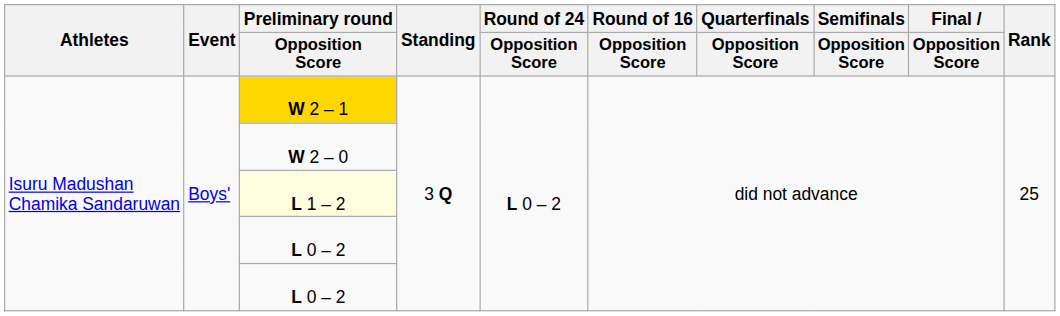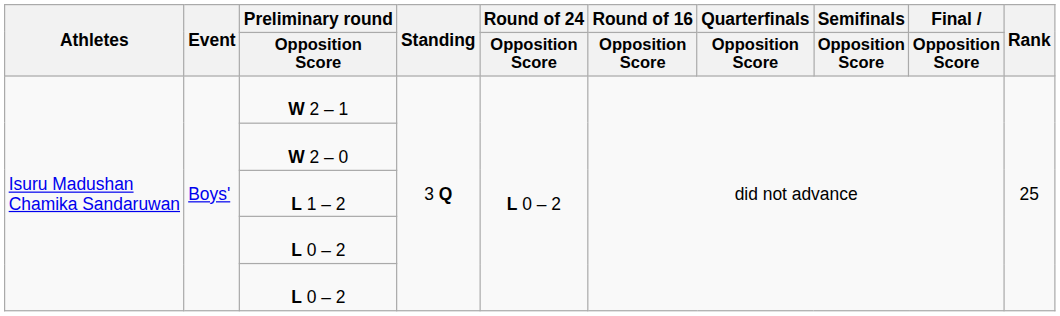 <table class=wikitable style="font-size:90%">
 <tr>
 <th rowspan="2">Athletes</th>
 <th rowspan="2">Event</th>
 <th>Preliminary round</th>
 <th rowspan="2">Standing</th>
 <th>Round of 24</th>
 <th>Round of 16</th>
 <th>Quarterfinals</th>
 <th>Semifinals</th>
 <th>Final / </th>
 <th rowspan=2>Rank</th>
 </tr>
 <tr style="font-size:95%">
 <th>Opposition<br>Score</th>
 <th>Opposition<br>Score</th>
 <th>Opposition<br>Score</th>
 <th>Opposition<br>Score</th>
 <th>Opposition<br>Score</th>
 <th>Opposition<br>Score</th>
 </tr>
 <tr align=center>
 <td align=left rowspan=5><a href='#'>Isuru Madushan</a><br><a href='#'>Chamika Sandaruwan</a></td>
 <td align=left rowspan=5><a href='#'>Boys'</a></td>
-<td style="background: gold;"><br><strong>W</strong> 2 – 1</td>
+<td><br><strong>W</strong> 2 – 1</td>
 <td rowspan=5>3 <strong>Q</strong></td>
 <td rowspan=5><br><strong>L</strong> 0 – 2</td>
 <td rowspan=5 colspan=4>did not advance</td>
 <td rowspan=5>25</td>
 </tr>
 <tr align=center>
 <td><br><strong>W</strong> 2 – 0</td>
 </tr>
 <tr align=center>
-<td style="background: lightyellow;"><br><strong>L</strong> 1 – 2</td>
+<td><br><strong>L</strong> 1 – 2</td>
 </tr>
 <tr align=center>
 <td><br><strong>L</strong> 0 – 2</td>
 </tr>
 <tr align=center>
 <td><br><strong>L</strong> 0 – 2</td>
 </tr>
 </table>
